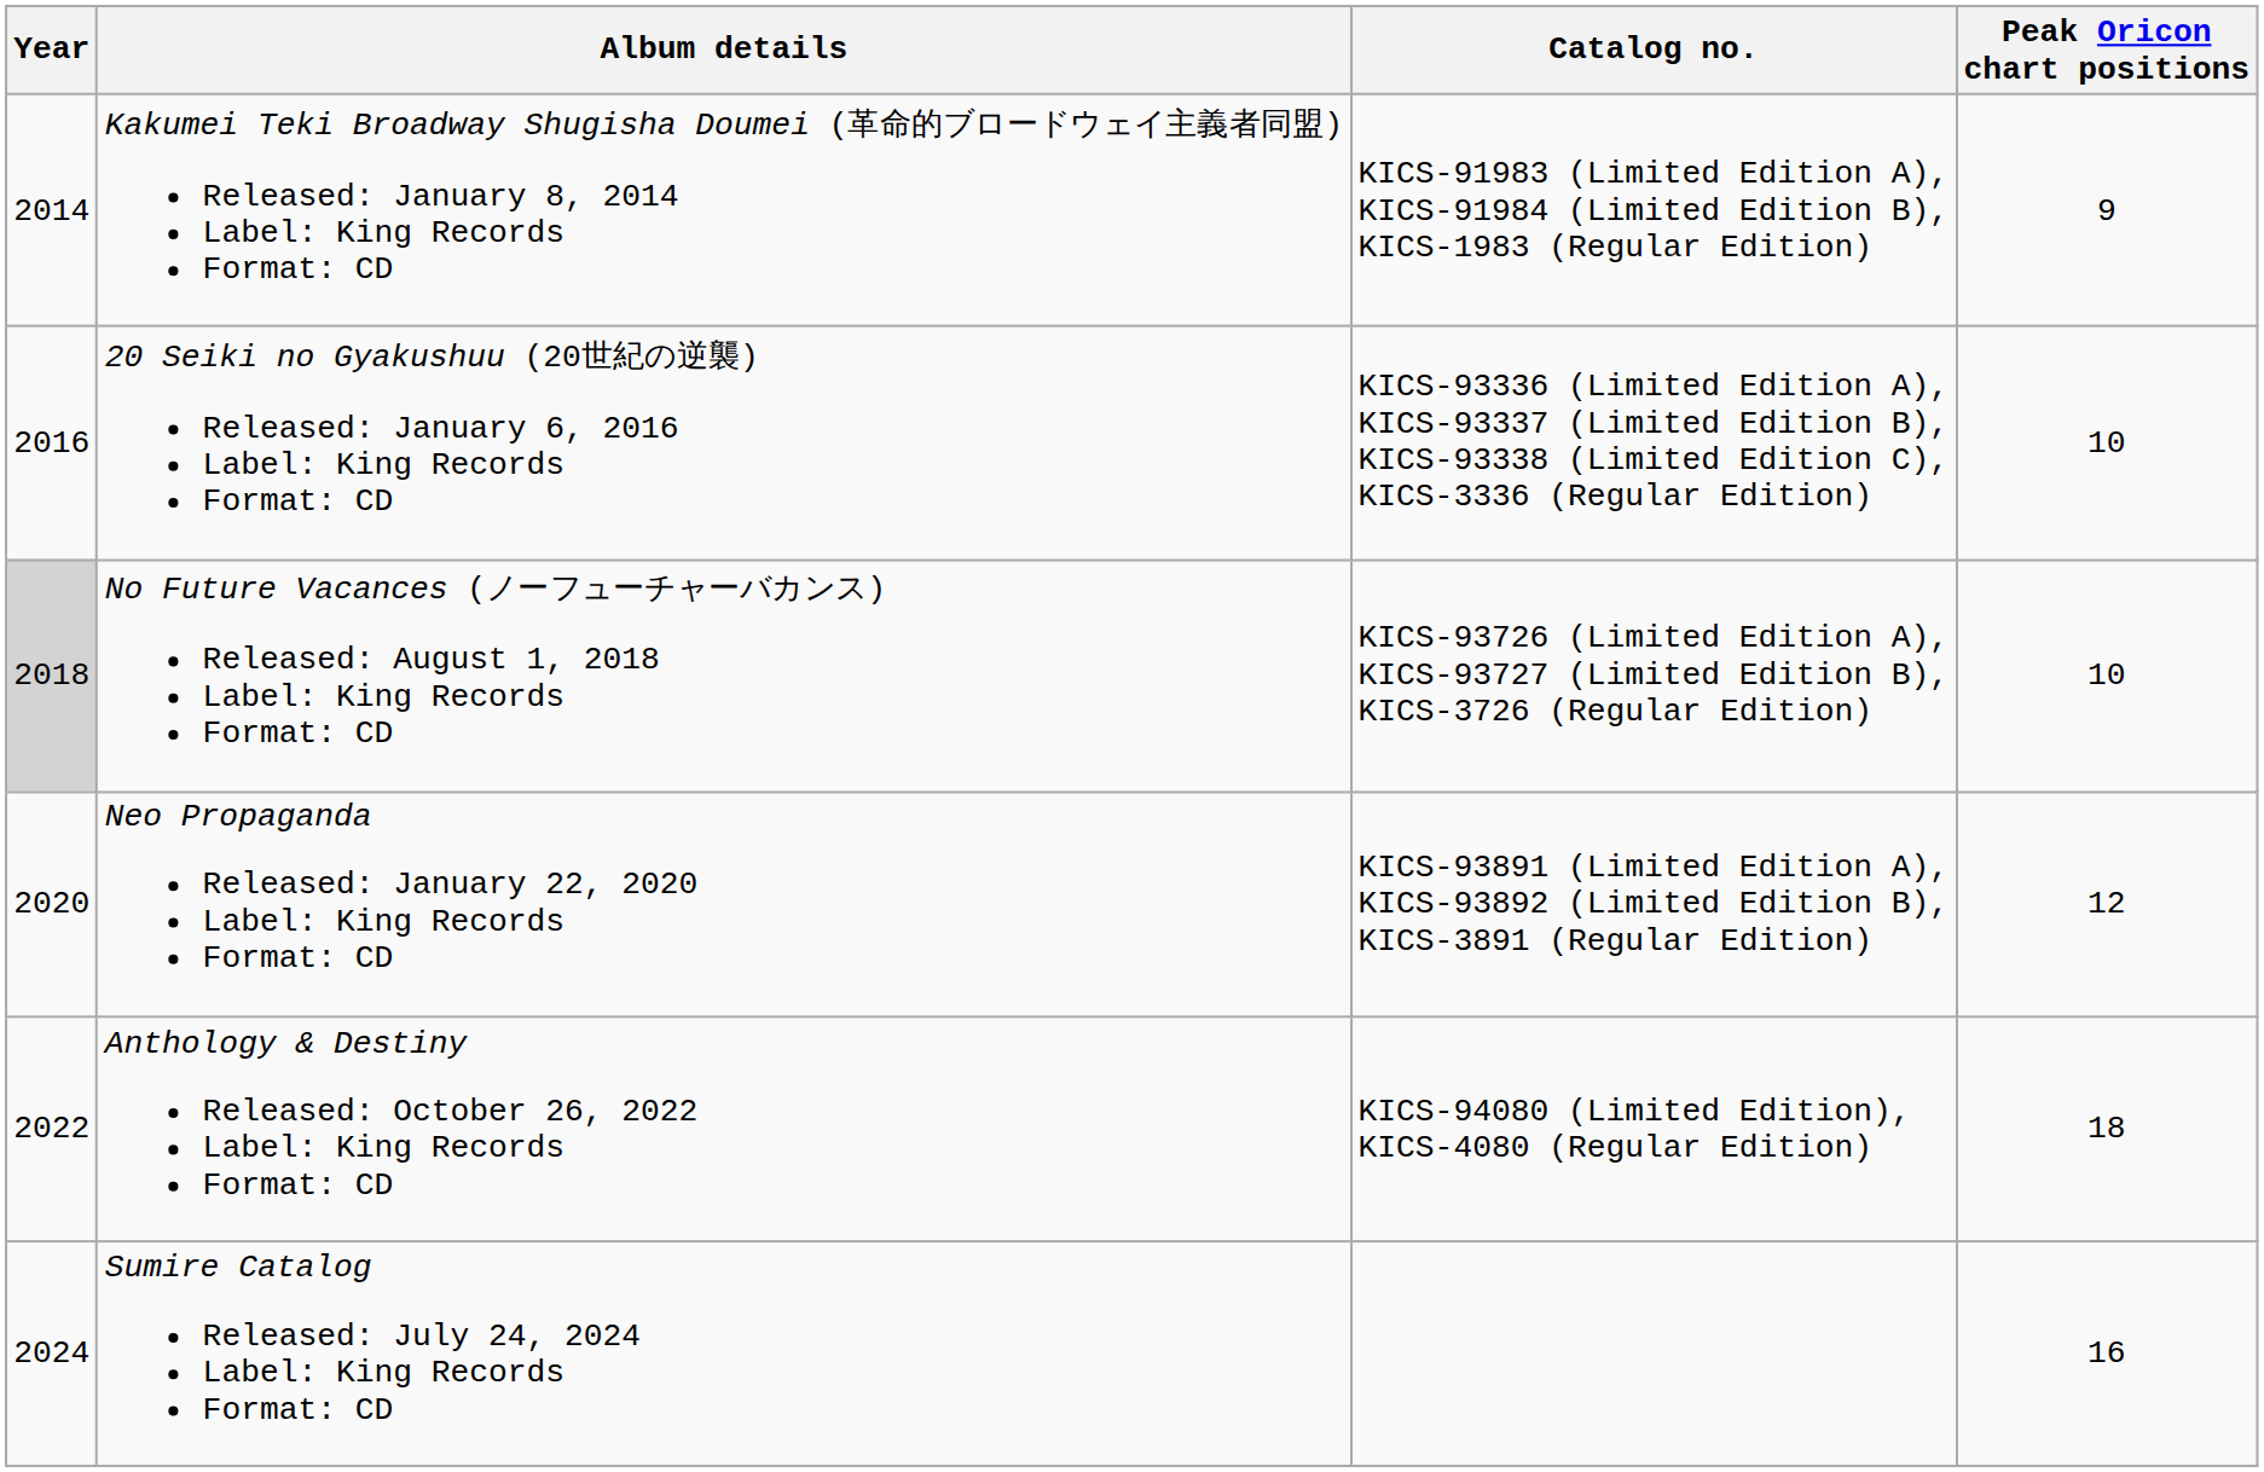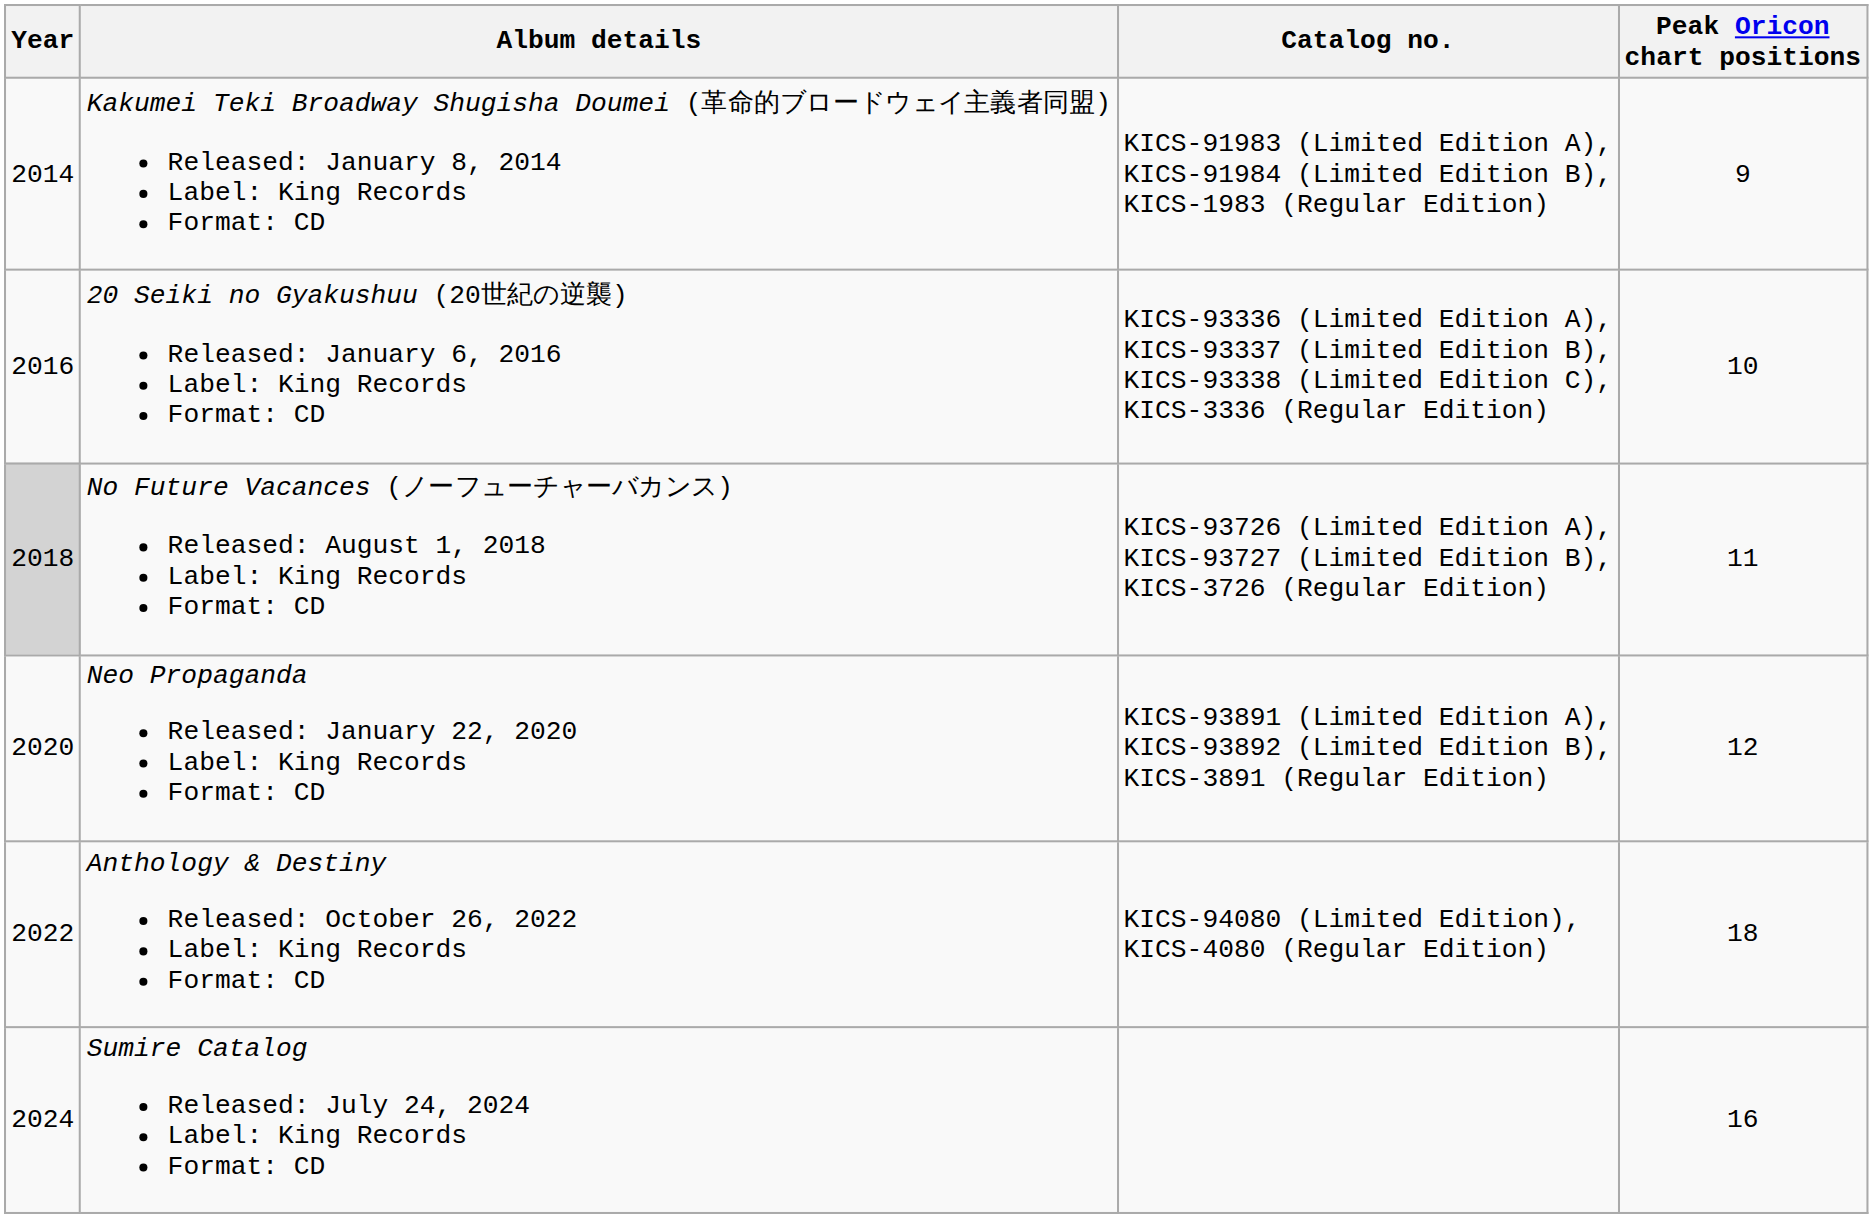 <table class="wikitable">
 <tr>
 <th>Year</th>
 <th>Album details</th>
 <th>Catalog no.</th>
 <th>Peak <a href='#'>Oricon</a><br>chart positions</th>
 </tr>
 <tr>
 <td>2014</td>
 <td><em>Kakumei Teki Broadway Shugisha Doumei</em> (革命的ブロードウェイ主義者同盟)<br><ul><li>Released: January 8, 2014</li><li>Label: King Records</li><li>Format: CD</li></ul></td>
 <td>KICS-91983 (Limited Edition A),<br>KICS-91984 (Limited Edition B),<br>KICS-1983 (Regular Edition)</td>
 <td align="center">9</td>
 </tr>
 <tr>
 <td>2016</td>
 <td><em>20 Seiki no Gyakushuu</em> (20世紀の逆襲)<br><ul><li>Released: January 6, 2016</li><li>Label: King Records</li><li>Format: CD</li></ul></td>
 <td>KICS-93336 (Limited Edition A),<br>KICS-93337 (Limited Edition B),<br>KICS-93338 (Limited Edition C),<br>KICS-3336 (Regular Edition)</td>
 <td align="center">10</td>
 </tr>
 <tr>
 <td style="background: lightgrey;">2018</td>
 <td><em>No Future Vacances</em> (ノーフューチャーバカンス)<br><ul><li>Released: August 1, 2018</li><li>Label: King Records</li><li>Format: CD</li></ul></td>
 <td>KICS-93726 (Limited Edition A),<br>KICS-93727 (Limited Edition B),<br>KICS-3726 (Regular Edition)</td>
-<td align="center">10</td>
+<td align="center">11</td>
 </tr>
 <tr>
 <td>2020</td>
 <td><em>Neo Propaganda</em><br><ul><li>Released: January 22, 2020</li><li>Label: King Records</li><li>Format: CD</li></ul></td>
 <td>KICS-93891 (Limited Edition A),<br>KICS-93892 (Limited Edition B),<br>KICS-3891 (Regular Edition)</td>
 <td align="center">12</td>
 </tr>
 <tr>
 <td>2022</td>
 <td><em>Anthology & Destiny</em><br><ul><li>Released: October 26, 2022</li><li>Label: King Records</li><li>Format: CD</li></ul></td>
 <td>KICS-94080 (Limited Edition),<br>KICS-4080 (Regular Edition)</td>
 <td align="center">18</td>
 </tr>
 <tr>
 <td>2024</td>
 <td><em>Sumire Catalog</em><br><ul><li>Released: July 24, 2024</li><li>Label: King Records</li><li>Format: CD</li></ul></td>
 <td></td>
 <td align="center">16</td>
 </tr>
 </table>
